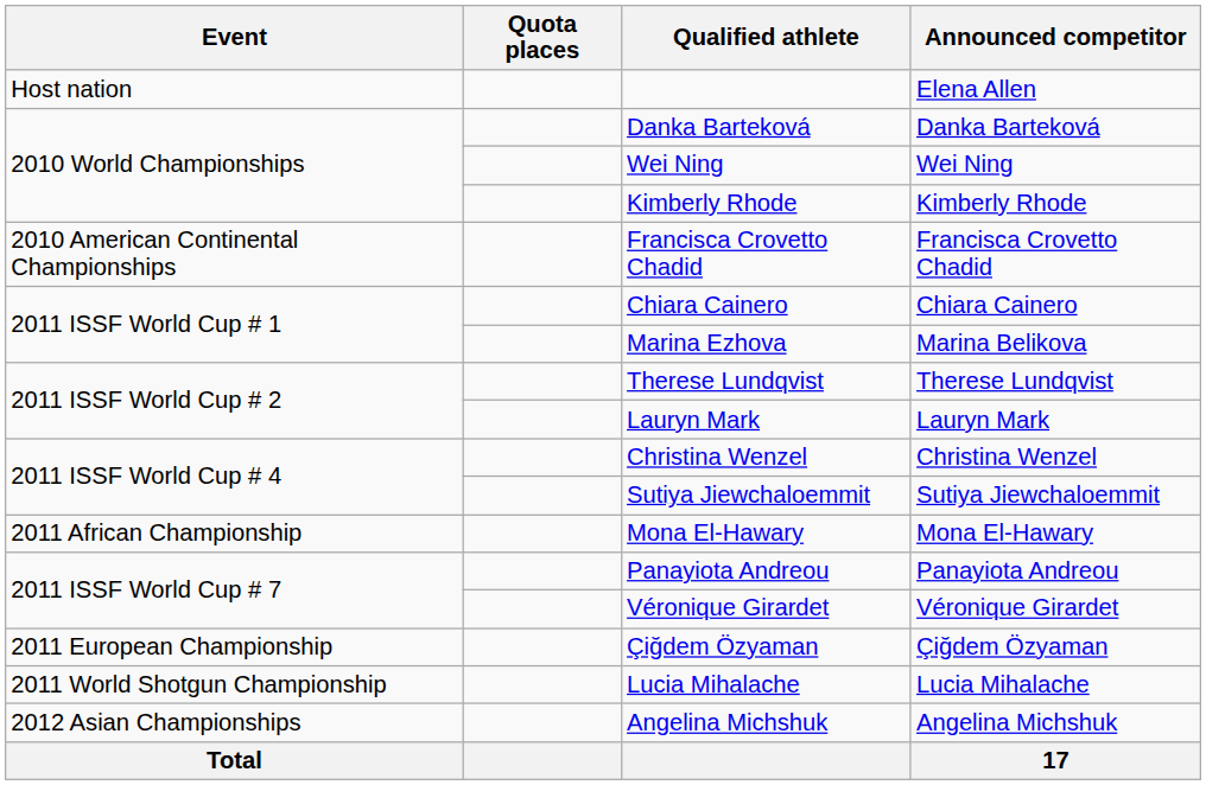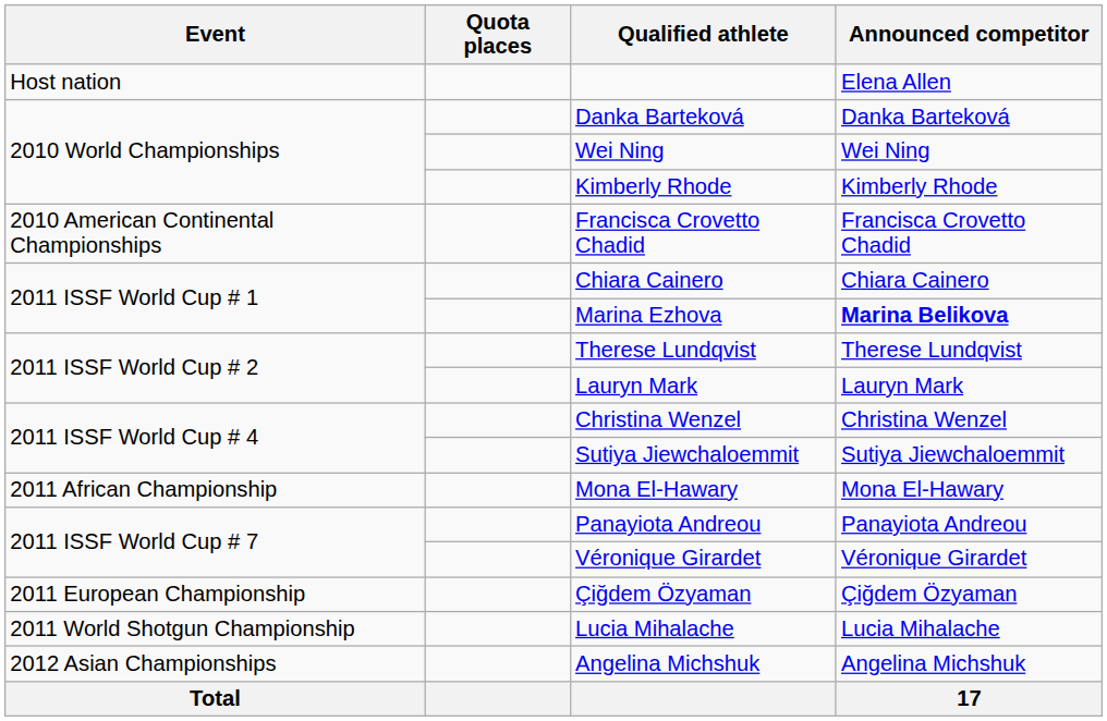 <table class=wikitable style="text-align:left" width=800>
 <tr>
 <th>Event</th>
 <th>Quota places</th>
 <th>Qualified athlete</th>
 <th>Announced competitor</th>
 </tr>
 <tr>
 <td>Host nation</td>
 <td></td>
 <td></td>
 <td><a href='#'>Elena Allen</a></td>
 </tr>
 <tr>
 <td rowspan="3">2010 World Championships</td>
 <td></td>
 <td><a href='#'>Danka Barteková</a></td>
 <td><a href='#'>Danka Barteková</a></td>
 </tr>
 <tr>
 <td></td>
 <td><a href='#'>Wei Ning</a></td>
 <td><a href='#'>Wei Ning</a></td>
 </tr>
 <tr>
 <td></td>
 <td><a href='#'>Kimberly Rhode</a></td>
 <td><a href='#'>Kimberly Rhode</a></td>
 </tr>
 <tr>
 <td rowspan="1">2010 American Continental Championships</td>
 <td></td>
 <td><a href='#'>Francisca Crovetto Chadid</a></td>
 <td><a href='#'>Francisca Crovetto Chadid</a></td>
 </tr>
 <tr>
 <td rowspan="2">2011 ISSF World Cup # 1</td>
 <td></td>
 <td><a href='#'>Chiara Cainero</a></td>
 <td><a href='#'>Chiara Cainero</a></td>
 </tr>
 <tr>
 <td></td>
 <td><a href='#'>Marina Ezhova</a></td>
-<td><a href='#'>Marina Belikova</a></td>
+<td><strong><a href='#'>Marina Belikova</a></strong></td>
 </tr>
 <tr>
 <td rowspan="2">2011 ISSF World Cup # 2</td>
 <td></td>
 <td><a href='#'>Therese Lundqvist</a></td>
 <td><a href='#'>Therese Lundqvist</a></td>
 </tr>
 <tr>
 <td></td>
 <td><a href='#'>Lauryn Mark</a></td>
 <td><a href='#'>Lauryn Mark</a></td>
 </tr>
 <tr>
 <td rowspan="2">2011 ISSF World Cup # 4</td>
 <td></td>
 <td><a href='#'>Christina Wenzel</a></td>
 <td><a href='#'>Christina Wenzel</a></td>
 </tr>
 <tr>
 <td></td>
 <td><a href='#'>Sutiya Jiewchaloemmit</a></td>
 <td><a href='#'>Sutiya Jiewchaloemmit</a></td>
 </tr>
 <tr>
 <td rowspan="1">2011 African Championship</td>
 <td></td>
 <td><a href='#'>Mona El-Hawary</a></td>
 <td><a href='#'>Mona El-Hawary</a></td>
 </tr>
 <tr>
 <td rowspan="2">2011 ISSF World Cup # 7</td>
 <td></td>
 <td><a href='#'>Panayiota Andreou</a></td>
 <td><a href='#'>Panayiota Andreou</a></td>
 </tr>
 <tr>
 <td></td>
 <td><a href='#'>Véronique Girardet</a></td>
 <td><a href='#'>Véronique Girardet</a></td>
 </tr>
 <tr>
 <td rowspan="1">2011 European Championship</td>
 <td></td>
 <td><a href='#'>Çiğdem Özyaman</a></td>
 <td><a href='#'>Çiğdem Özyaman</a></td>
 </tr>
 <tr>
 <td rowspan="1">2011 World Shotgun Championship</td>
 <td></td>
 <td><a href='#'>Lucia Mihalache</a></td>
 <td><a href='#'>Lucia Mihalache</a></td>
 </tr>
 <tr>
 <td rowspan="1">2012 Asian Championships</td>
 <td></td>
 <td><a href='#'>Angelina Michshuk</a></td>
 <td><a href='#'>Angelina Michshuk</a></td>
 </tr>
 <tr>
 <th>Total</th>
 <th></th>
 <th></th>
 <th>17</th>
 </tr>
 </table>
